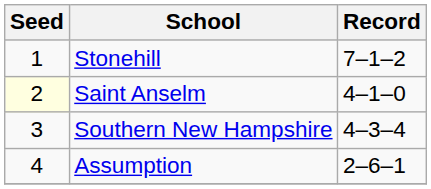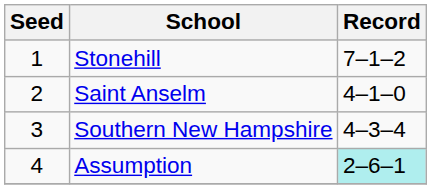 <table class="wikitable">
 <tr>
 <th>Seed</th>
 <th>School</th>
 <th>Record</th>
 </tr>
 <tr>
 <td align=center>1</td>
 <td><a href='#'>Stonehill</a></td>
 <td>7–1–2</td>
 </tr>
 <tr>
-<td align=center style="background: lightyellow;">2</td>
+<td align=center>2</td>
 <td><a href='#'>Saint Anselm</a></td>
 <td>4–1–0</td>
 </tr>
 <tr>
 <td align=center>3</td>
 <td><a href='#'>Southern New Hampshire</a></td>
 <td>4–3–4</td>
 </tr>
 <tr>
 <td align=center>4</td>
 <td><a href='#'>Assumption</a></td>
-<td>2–6–1</td>
+<td style="background: paleturquoise;">2–6–1</td>
 </tr>
 <tr>
 </tr>
 </table>
